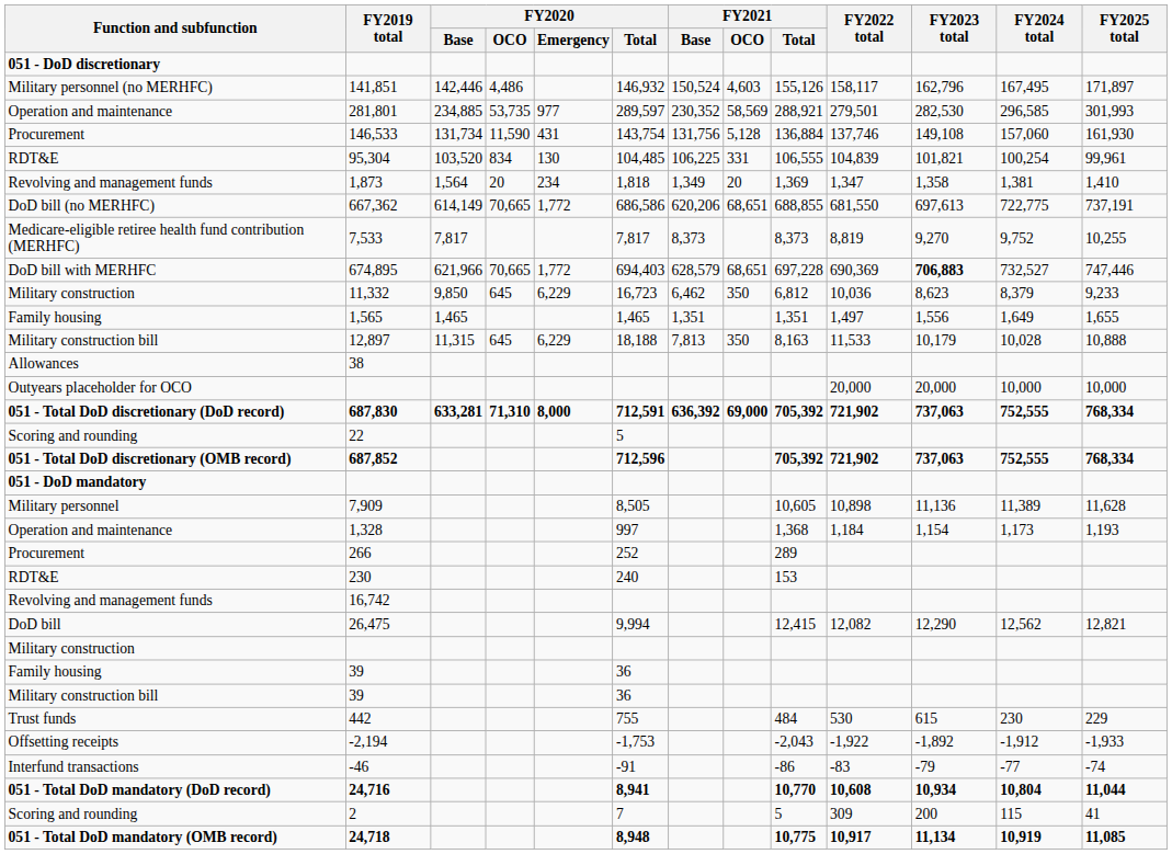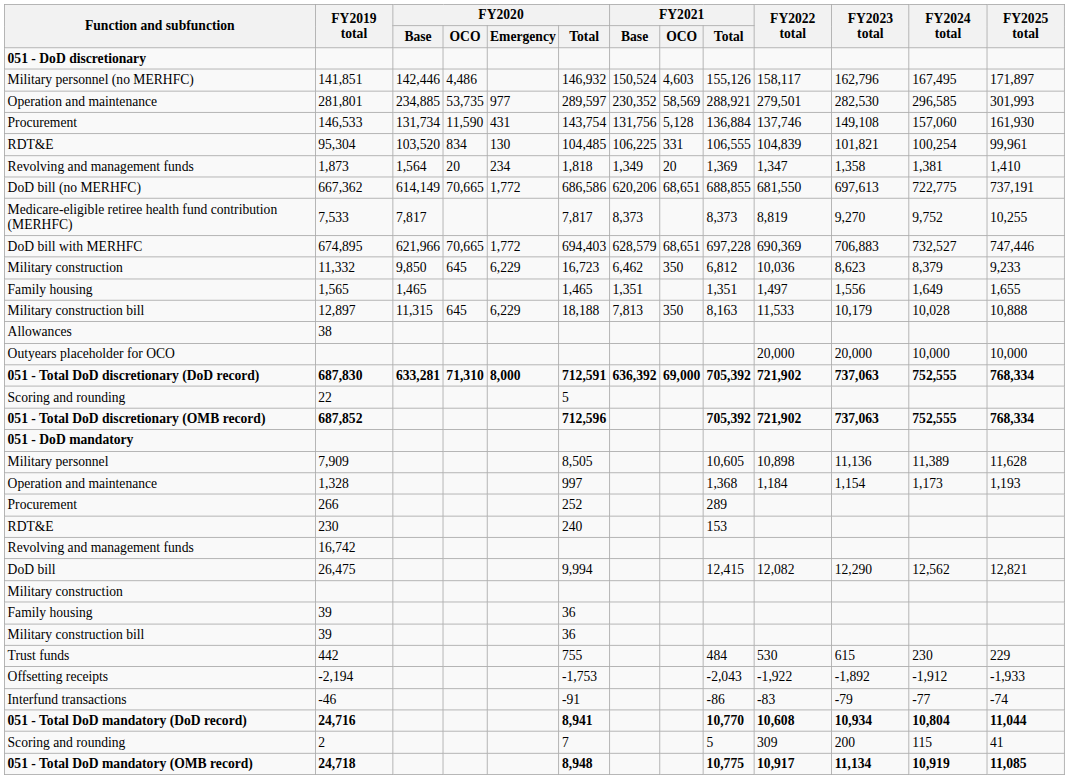 <table class="wikitable">
 <tr>
 <th rowspan="2">Function and subfunction</th>
 <th rowspan="2">FY2019 total</th>
 <th colspan="4">FY2020</th>
 <th colspan="3">FY2021</th>
 <th rowspan="2">FY2022 total</th>
 <th rowspan="2">FY2023 total</th>
 <th rowspan="2">FY2024 total</th>
 <th rowspan="2">FY2025 total</th>
 </tr>
 <tr>
 <th>Base</th>
 <th>OCO</th>
 <th>Emergency</th>
 <th>Total</th>
 <th>Base</th>
 <th>OCO</th>
 <th>Total</th>
 </tr>
 <tr>
 <td><strong>051 - DoD discretionary</strong></td>
 <td></td>
 <td></td>
 <td></td>
 <td></td>
 <td></td>
 <td></td>
 <td></td>
 <td></td>
 <td></td>
 <td></td>
 <td></td>
 <td></td>
 </tr>
 <tr>
 <td>Military personnel (no MERHFC)</td>
 <td>141,851</td>
 <td>142,446</td>
 <td>4,486</td>
 <td></td>
 <td>146,932</td>
 <td>150,524</td>
 <td>4,603</td>
 <td>155,126</td>
 <td>158,117</td>
 <td>162,796</td>
 <td>167,495</td>
 <td>171,897</td>
 </tr>
 <tr>
 <td>Operation and maintenance</td>
 <td>281,801</td>
 <td>234,885</td>
 <td>53,735</td>
 <td>977</td>
 <td>289,597</td>
 <td>230,352</td>
 <td>58,569</td>
 <td>288,921</td>
 <td>279,501</td>
 <td>282,530</td>
 <td>296,585</td>
 <td>301,993</td>
 </tr>
 <tr>
 <td>Procurement</td>
 <td>146,533</td>
 <td>131,734</td>
 <td>11,590</td>
 <td>431</td>
 <td>143,754</td>
 <td>131,756</td>
 <td>5,128</td>
 <td>136,884</td>
 <td>137,746</td>
 <td>149,108</td>
 <td>157,060</td>
 <td>161,930</td>
 </tr>
 <tr>
 <td>RDT&E</td>
 <td>95,304</td>
 <td>103,520</td>
 <td>834</td>
 <td>130</td>
 <td>104,485</td>
 <td>106,225</td>
 <td>331</td>
 <td>106,555</td>
 <td>104,839</td>
 <td>101,821</td>
 <td>100,254</td>
 <td>99,961</td>
 </tr>
 <tr>
 <td>Revolving and management funds</td>
 <td>1,873</td>
 <td>1,564</td>
 <td>20</td>
 <td>234</td>
 <td>1,818</td>
 <td>1,349</td>
 <td>20</td>
 <td>1,369</td>
 <td>1,347</td>
 <td>1,358</td>
 <td>1,381</td>
 <td>1,410</td>
 </tr>
 <tr>
 <td>DoD bill (no MERHFC)</td>
 <td>667,362</td>
 <td>614,149</td>
 <td>70,665</td>
 <td>1,772</td>
 <td>686,586</td>
 <td>620,206</td>
 <td>68,651</td>
 <td>688,855</td>
 <td>681,550</td>
 <td>697,613</td>
 <td>722,775</td>
 <td>737,191</td>
 </tr>
 <tr>
 <td>Medicare-eligible retiree health fund contribution (MERHFC)</td>
 <td>7,533</td>
 <td>7,817</td>
 <td></td>
 <td></td>
 <td>7,817</td>
 <td>8,373</td>
 <td></td>
 <td>8,373</td>
 <td>8,819</td>
 <td>9,270</td>
 <td>9,752</td>
 <td>10,255</td>
 </tr>
 <tr>
 <td>DoD bill with MERHFC</td>
 <td>674,895</td>
 <td>621,966</td>
 <td>70,665</td>
 <td>1,772</td>
 <td>694,403</td>
 <td>628,579</td>
 <td>68,651</td>
 <td>697,228</td>
 <td>690,369</td>
-<td><strong>706,883</strong></td>
+<td>706,883</td>
 <td>732,527</td>
 <td>747,446</td>
 </tr>
 <tr>
 <td>Military construction</td>
 <td>11,332</td>
 <td>9,850</td>
 <td>645</td>
 <td>6,229</td>
 <td>16,723</td>
 <td>6,462</td>
 <td>350</td>
 <td>6,812</td>
 <td>10,036</td>
 <td>8,623</td>
 <td>8,379</td>
 <td>9,233</td>
 </tr>
 <tr>
 <td>Family housing</td>
 <td>1,565</td>
 <td>1,465</td>
 <td></td>
 <td></td>
 <td>1,465</td>
 <td>1,351</td>
 <td></td>
 <td>1,351</td>
 <td>1,497</td>
 <td>1,556</td>
 <td>1,649</td>
 <td>1,655</td>
 </tr>
 <tr>
 <td>Military construction bill</td>
 <td>12,897</td>
 <td>11,315</td>
 <td>645</td>
 <td>6,229</td>
 <td>18,188</td>
 <td>7,813</td>
 <td>350</td>
 <td>8,163</td>
 <td>11,533</td>
 <td>10,179</td>
 <td>10,028</td>
 <td>10,888</td>
 </tr>
 <tr>
 <td>Allowances</td>
 <td>38</td>
 <td></td>
 <td></td>
 <td></td>
 <td></td>
 <td></td>
 <td></td>
 <td></td>
 <td></td>
 <td></td>
 <td></td>
 <td></td>
 </tr>
 <tr>
 <td>Outyears placeholder for OCO</td>
 <td></td>
 <td></td>
 <td></td>
 <td></td>
 <td></td>
 <td></td>
 <td></td>
 <td></td>
 <td>20,000</td>
 <td>20,000</td>
 <td>10,000</td>
 <td>10,000</td>
 </tr>
 <tr>
 <td><strong>051 - Total DoD discretionary (DoD record)</strong></td>
 <td><strong>687,830</strong></td>
 <td><strong>633,281</strong></td>
 <td><strong>71,310</strong></td>
 <td><strong>8,000</strong></td>
 <td><strong>712,591</strong></td>
 <td><strong>636,392</strong></td>
 <td><strong>69,000</strong></td>
 <td><strong>705,392</strong></td>
 <td><strong>721,902</strong></td>
 <td><strong>737,063</strong></td>
 <td><strong>752,555</strong></td>
 <td><strong>768,334</strong></td>
 </tr>
 <tr>
 <td>Scoring and rounding</td>
 <td>22</td>
 <td></td>
 <td></td>
 <td></td>
 <td>5</td>
 <td></td>
 <td></td>
 <td></td>
 <td></td>
 <td></td>
 <td></td>
 <td></td>
 </tr>
 <tr>
 <td><strong>051 - Total DoD discretionary (OMB record)</strong></td>
 <td><strong>687,852</strong></td>
 <td></td>
 <td></td>
 <td></td>
 <td><strong>712,596</strong></td>
 <td></td>
 <td></td>
 <td><strong>705,392</strong></td>
 <td><strong>721,902</strong></td>
 <td><strong>737,063</strong></td>
 <td><strong>752,555</strong></td>
 <td><strong>768,334</strong></td>
 </tr>
 <tr>
 <td><strong>051 - DoD mandatory</strong></td>
 <td></td>
 <td></td>
 <td></td>
 <td></td>
 <td></td>
 <td></td>
 <td></td>
 <td></td>
 <td></td>
 <td></td>
 <td></td>
 <td></td>
 </tr>
 <tr>
 <td>Military personnel</td>
 <td>7,909</td>
 <td></td>
 <td></td>
 <td></td>
 <td>8,505</td>
 <td></td>
 <td></td>
 <td>10,605</td>
 <td>10,898</td>
 <td>11,136</td>
 <td>11,389</td>
 <td>11,628</td>
 </tr>
 <tr>
 <td>Operation and maintenance</td>
 <td>1,328</td>
 <td></td>
 <td></td>
 <td></td>
 <td>997</td>
 <td></td>
 <td></td>
 <td>1,368</td>
 <td>1,184</td>
 <td>1,154</td>
 <td>1,173</td>
 <td>1,193</td>
 </tr>
 <tr>
 <td>Procurement</td>
 <td>266</td>
 <td></td>
 <td></td>
 <td></td>
 <td>252</td>
 <td></td>
 <td></td>
 <td>289</td>
 <td></td>
 <td></td>
 <td></td>
 <td></td>
 </tr>
 <tr>
 <td>RDT&E</td>
 <td>230</td>
 <td></td>
 <td></td>
 <td></td>
 <td>240</td>
 <td></td>
 <td></td>
 <td>153</td>
 <td></td>
 <td></td>
 <td></td>
 <td></td>
 </tr>
 <tr>
 <td>Revolving and management funds</td>
 <td>16,742</td>
 <td></td>
 <td></td>
 <td></td>
 <td></td>
 <td></td>
 <td></td>
 <td></td>
 <td></td>
 <td></td>
 <td></td>
 <td></td>
 </tr>
 <tr>
 <td>DoD bill</td>
 <td>26,475</td>
 <td></td>
 <td></td>
 <td></td>
 <td>9,994</td>
 <td></td>
 <td></td>
 <td>12,415</td>
 <td>12,082</td>
 <td>12,290</td>
 <td>12,562</td>
 <td>12,821</td>
 </tr>
 <tr>
 <td>Military construction</td>
 <td></td>
 <td></td>
 <td></td>
 <td></td>
 <td></td>
 <td></td>
 <td></td>
 <td></td>
 <td></td>
 <td></td>
 <td></td>
 <td></td>
 </tr>
 <tr>
 <td>Family housing</td>
 <td>39</td>
 <td></td>
 <td></td>
 <td></td>
 <td>36</td>
 <td></td>
 <td></td>
 <td></td>
 <td></td>
 <td></td>
 <td></td>
 <td></td>
 </tr>
 <tr>
 <td>Military construction bill</td>
 <td>39</td>
 <td></td>
 <td></td>
 <td></td>
 <td>36</td>
 <td></td>
 <td></td>
 <td></td>
 <td></td>
 <td></td>
 <td></td>
 <td></td>
 </tr>
 <tr>
 <td>Trust funds</td>
 <td>442</td>
 <td></td>
 <td></td>
 <td></td>
 <td>755</td>
 <td></td>
 <td></td>
 <td>484</td>
 <td>530</td>
 <td>615</td>
 <td>230</td>
 <td>229</td>
 </tr>
 <tr>
 <td>Offsetting receipts</td>
 <td>-2,194</td>
 <td></td>
 <td></td>
 <td></td>
 <td>-1,753</td>
 <td></td>
 <td></td>
 <td>-2,043</td>
 <td>-1,922</td>
 <td>-1,892</td>
 <td>-1,912</td>
 <td>-1,933</td>
 </tr>
 <tr>
 <td>Interfund transactions</td>
 <td>-46</td>
 <td></td>
 <td></td>
 <td></td>
 <td>-91</td>
 <td></td>
 <td></td>
 <td>-86</td>
 <td>-83</td>
 <td>-79</td>
 <td>-77</td>
 <td>-74</td>
 </tr>
 <tr>
 <td><strong>051 - Total DoD mandatory (DoD record)</strong></td>
 <td><strong>24,716</strong></td>
 <td></td>
 <td></td>
 <td></td>
 <td><strong>8,941</strong></td>
 <td></td>
 <td></td>
 <td><strong>10,770</strong></td>
 <td><strong>10,608</strong></td>
 <td><strong>10,934</strong></td>
 <td><strong>10,804</strong></td>
 <td><strong>11,044</strong></td>
 </tr>
 <tr>
 <td>Scoring and rounding</td>
 <td>2</td>
 <td></td>
 <td></td>
 <td></td>
 <td>7</td>
 <td></td>
 <td></td>
 <td>5</td>
 <td>309</td>
 <td>200</td>
 <td>115</td>
 <td>41</td>
 </tr>
 <tr>
 <td><strong>051 - Total DoD mandatory (OMB record)</strong></td>
 <td><strong>24,718</strong></td>
 <td></td>
 <td></td>
 <td></td>
 <td><strong>8,948</strong></td>
 <td></td>
 <td></td>
 <td><strong>10,775</strong></td>
 <td><strong>10,917</strong></td>
 <td><strong>11,134</strong></td>
 <td><strong>10,919</strong></td>
 <td><strong>11,085</strong></td>
 </tr>
 </table>
